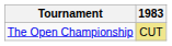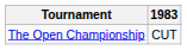 <table class="wikitable" style="font-size:95%;text-align:center;">
 <tr>
 <th>Tournament</th>
 <th>1983</th>
 </tr>
 <tr>
 <td align=left><a href='#'>The Open Championship</a></td>
-<td style="background: khaki;">CUT</td>
+<td>CUT</td>
 </tr>
 </table>
